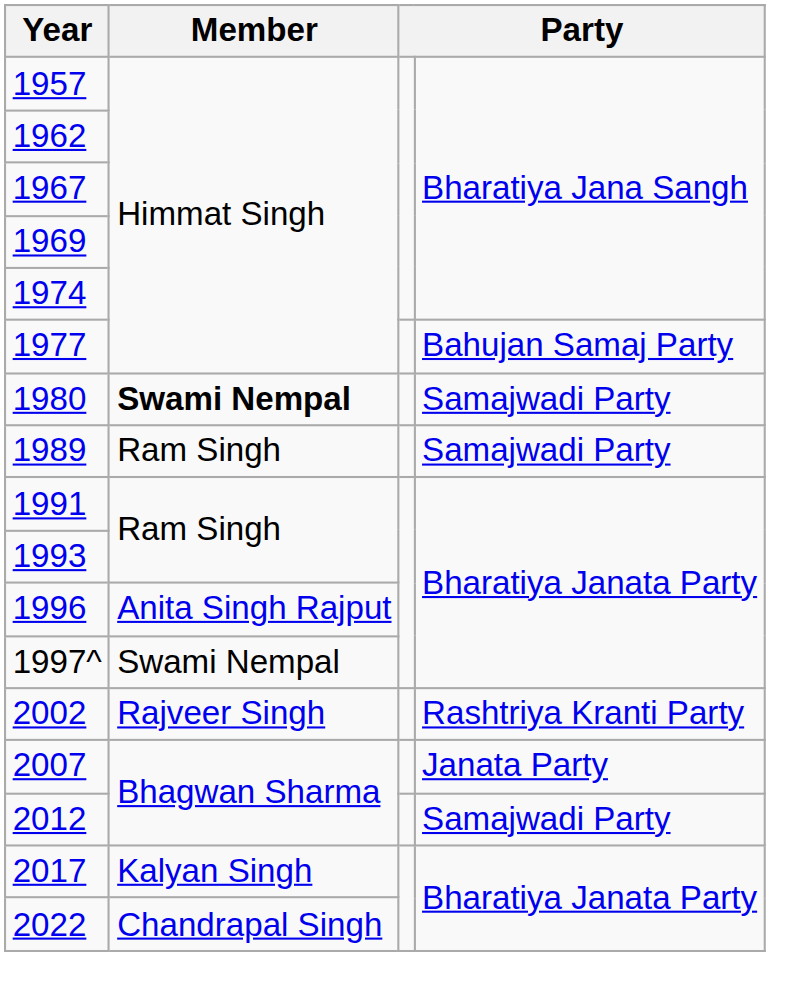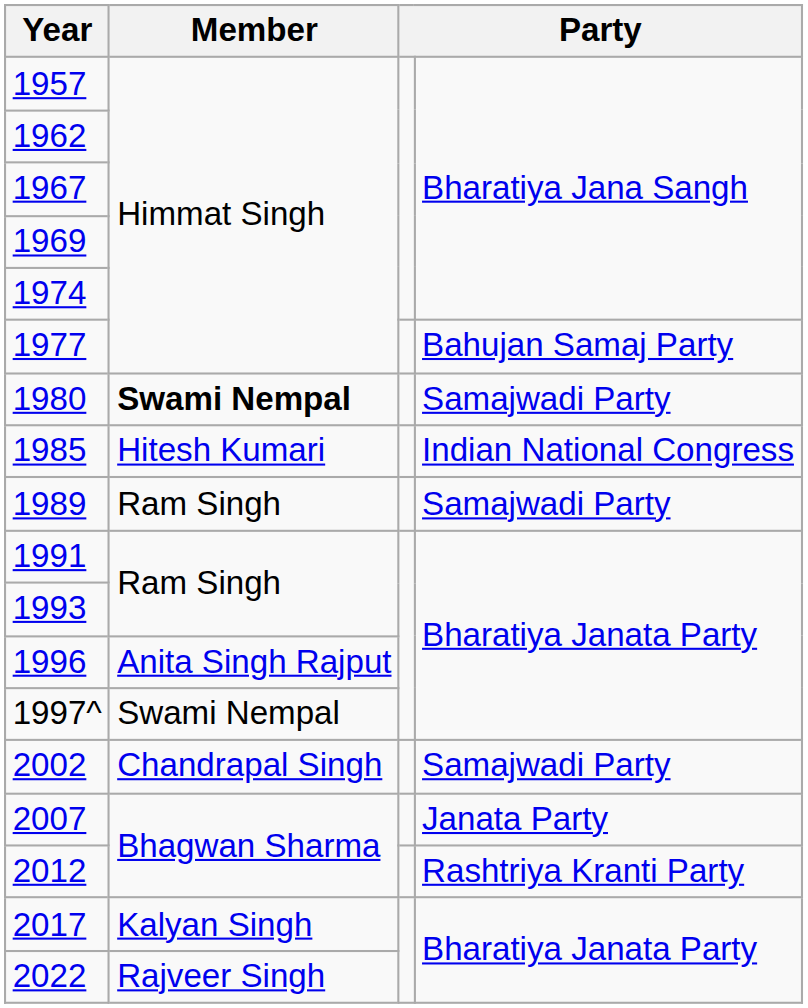 <table class="wikitable">
 <tr>
 <th>Year</th>
 <th>Member</th>
 <th colspan="2">Party</th>
 </tr>
 <tr>
 <td><a href='#'>1957</a></td>
 <td rowspan="6">Himmat Singh</td>
 <td rowspan="5" style="background-color: "></td>
 <td rowspan="5"><a href='#'>Bharatiya Jana Sangh</a></td>
 </tr>
 <tr>
 <td><a href='#'>1962</a></td>
 </tr>
 <tr>
 <td><a href='#'>1967</a></td>
 </tr>
 <tr>
 <td><a href='#'>1969</a></td>
 </tr>
 <tr>
 <td><a href='#'>1974</a></td>
 </tr>
 <tr>
 <td><a href='#'>1977</a></td>
 <td style="background-color: "></td>
 <td><a href='#'>Bahujan Samaj Party</a></td>
 </tr>
 <tr>
 <td><a href='#'>1980</a></td>
 <td><strong>Swami Nempal</strong></td>
 <td style="background-color: "></td>
 <td><a href='#'>Samajwadi Party</a></td>
 </tr>
 <tr>
+<td><a href='#'>1985</a></td>
+<td><a href='#'>Hitesh Kumari</a></td>
+<td style="background-color: "></td>
+<td><a href='#'>Indian National Congress</a></td>
+</tr>
+<tr>
 <td><a href='#'>1989</a></td>
 <td>Ram Singh</td>
 <td style="background-color: "></td>
 <td><a href='#'>Samajwadi Party</a></td>
 </tr>
 <tr>
 <td><a href='#'>1991</a></td>
 <td rowspan="2">Ram Singh</td>
 <td rowspan="4" style="background-color: "></td>
 <td rowspan="4"><a href='#'>Bharatiya Janata Party</a></td>
 </tr>
 <tr>
 <td><a href='#'>1993</a></td>
 </tr>
 <tr>
 <td><a href='#'>1996</a></td>
 <td><a href='#'>Anita Singh Rajput</a></td>
 </tr>
 <tr>
 <td>1997^</td>
 <td>Swami Nempal</td>
 </tr>
 <tr>
 <td><a href='#'>2002</a></td>
-<td><a href='#'>Rajveer Singh</a></td>
+<td><a href='#'>Chandrapal Singh</a></td>
 <td style="background-color: "></td>
-<td><a href='#'>Rashtriya Kranti Party</a></td>
+<td><a href='#'>Samajwadi Party</a></td>
 </tr>
 <tr>
 <td><a href='#'>2007</a></td>
 <td rowspan="2"><a href='#'>Bhagwan Sharma</a></td>
 <td style="background-color: "></td>
 <td><a href='#'>Janata Party</a></td>
 </tr>
 <tr>
 <td><a href='#'>2012</a></td>
 <td style="background-color: "></td>
-<td><a href='#'>Samajwadi Party</a></td>
+<td><a href='#'>Rashtriya Kranti Party</a></td>
 </tr>
 <tr>
 <td><a href='#'>2017</a></td>
 <td><a href='#'>Kalyan Singh</a></td>
 <td rowspan="2" style="background-color: "></td>
 <td rowspan="2"><a href='#'>Bharatiya Janata Party</a></td>
 </tr>
 <tr>
 <td><a href='#'>2022</a></td>
-<td><a href='#'>Chandrapal Singh</a></td>
+<td><a href='#'>Rajveer Singh</a></td>
 </tr>
 </table>
